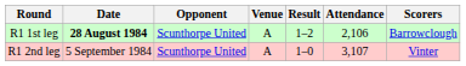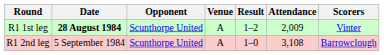 <table class="wikitable" style="font-size:100%; text-align:center">
 <tr>
 <th>Round</th>
 <th>Date</th>
 <th>Opponent</th>
 <th>Venue</th>
 <th>Result</th>
 <th>Attendance</th>
 <th>Scorers</th>
 </tr>
 <tr style="background-color: #CCFFCC;">
 <td>R1 1st leg</td>
 <td><strong>28 August 1984</strong></td>
 <td><a href='#'>Scunthorpe United</a></td>
 <td>A</td>
 <td>1–2</td>
-<td>2,106</td>
-<td><a href='#'>Barrowclough</a></td>
+<td>2,009</td>
+<td><a href='#'>Vinter</a></td>
 </tr>
 <tr style="background-color: #FFCCCC;">
 <td>R1 2nd leg</td>
 <td>5 September 1984</td>
 <td><a href='#'>Scunthorpe United</a></td>
 <td>A</td>
 <td>1–0</td>
-<td>3,107</td>
-<td><a href='#'>Vinter</a></td>
+<td>3,108</td>
+<td><a href='#'>Barrowclough</a></td>
 </tr>
 </table>
